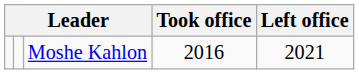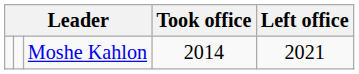 <table class="wikitable" style="text-align: center;">
 <tr>
 <th colspan="3">Leader</th>
 <th>Took office</th>
 <th>Left office</th>
 </tr>
 <tr>
 <td style="background: "></td>
 <td></td>
 <td><a href='#'>Moshe Kahlon</a></td>
-<td>2016</td>
+<td>2014</td>
 <td>2021</td>
 </tr>
 </table>
